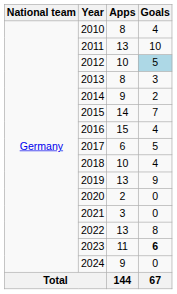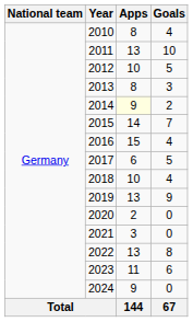 <table class="wikitable" style="text-align:center">
 <tr>
 <th>National team</th>
 <th>Year</th>
 <th>Apps</th>
 <th>Goals</th>
 </tr>
 <tr>
 <td rowspan="15"><a href='#'>Germany</a></td>
 <td>2010</td>
 <td>8</td>
 <td>4</td>
 </tr>
 <tr>
 <td>2011</td>
 <td>13</td>
 <td>10</td>
 </tr>
 <tr>
 <td>2012</td>
 <td>10</td>
-<td style="background: lightblue;">5</td>
+<td>5</td>
 </tr>
 <tr>
 <td>2013</td>
 <td>8</td>
 <td>3</td>
 </tr>
 <tr>
 <td>2014</td>
-<td>9</td>
+<td style="background: lightyellow;">9</td>
 <td>2</td>
 </tr>
 <tr>
 <td>2015</td>
 <td>14</td>
 <td>7</td>
 </tr>
 <tr>
 <td>2016</td>
 <td>15</td>
 <td>4</td>
 </tr>
 <tr>
 <td>2017</td>
 <td>6</td>
 <td>5</td>
 </tr>
 <tr>
 <td>2018</td>
 <td>10</td>
 <td>4</td>
 </tr>
 <tr>
 <td>2019</td>
 <td>13</td>
 <td>9</td>
 </tr>
 <tr>
 <td>2020</td>
 <td>2</td>
 <td>0</td>
 </tr>
 <tr>
 <td>2021</td>
 <td>3</td>
 <td>0</td>
 </tr>
 <tr>
 <td>2022</td>
 <td>13</td>
 <td>8</td>
 </tr>
 <tr>
 <td>2023</td>
 <td>11</td>
-<td><strong>6</strong></td>
+<td>6</td>
 </tr>
 <tr>
 <td>2024</td>
 <td>9</td>
 <td>0</td>
 </tr>
 <tr>
 <th colspan="2">Total</th>
 <th>144</th>
 <th>67</th>
 </tr>
 </table>
